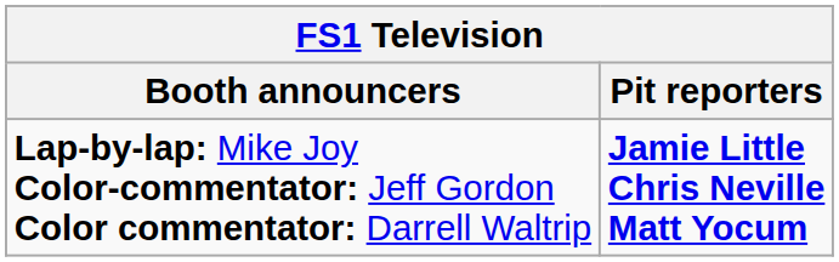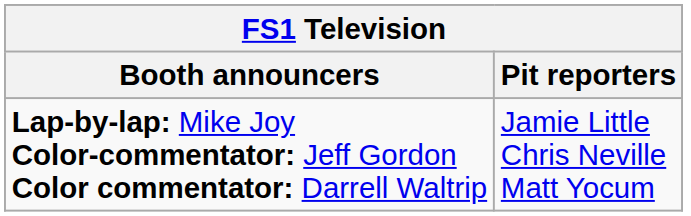 <table class="wikitable" style="font-size: 95%">
 <tr>
 <th colspan="2"><a href='#'>FS1</a> Television</th>
 </tr>
 <tr>
 <th>Booth announcers</th>
 <th>Pit reporters</th>
 </tr>
 <tr>
 <td><strong>Lap-by-lap:</strong> <a href='#'>Mike Joy</a> <br><strong>Color-commentator:</strong> <a href='#'>Jeff Gordon</a> <br><strong>Color commentator:</strong> <a href='#'>Darrell Waltrip</a></td>
-<td><strong><a href='#'>Jamie Little</a><br><a href='#'>Chris Neville</a><br><a href='#'>Matt Yocum</a></strong></td>
+<td><a href='#'>Jamie Little</a><br><a href='#'>Chris Neville</a><br><a href='#'>Matt Yocum</a></td>
 </tr>
 </table>
